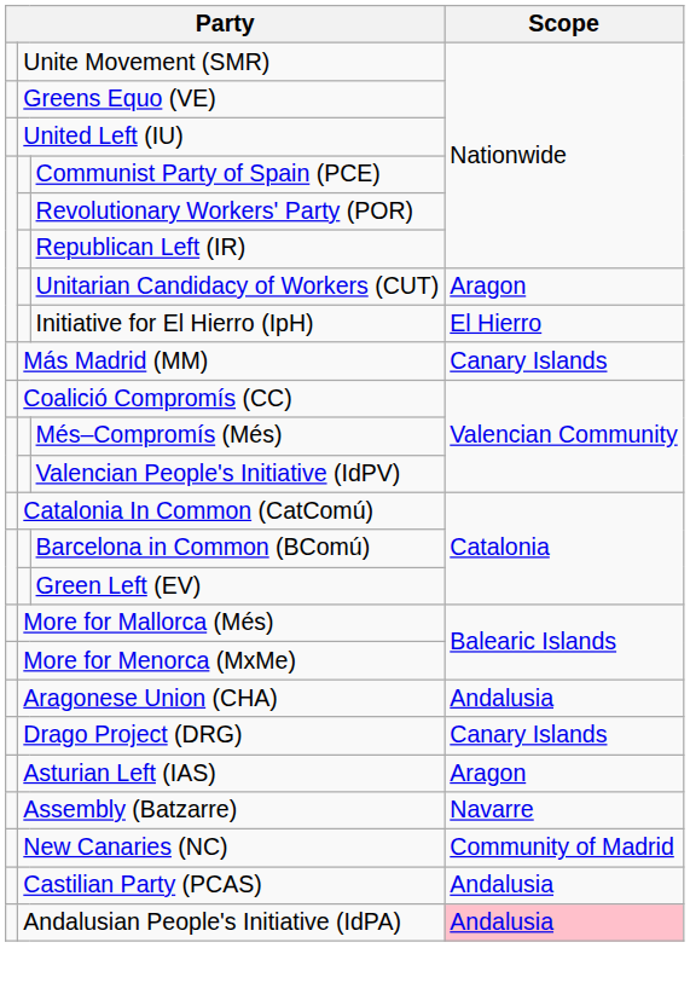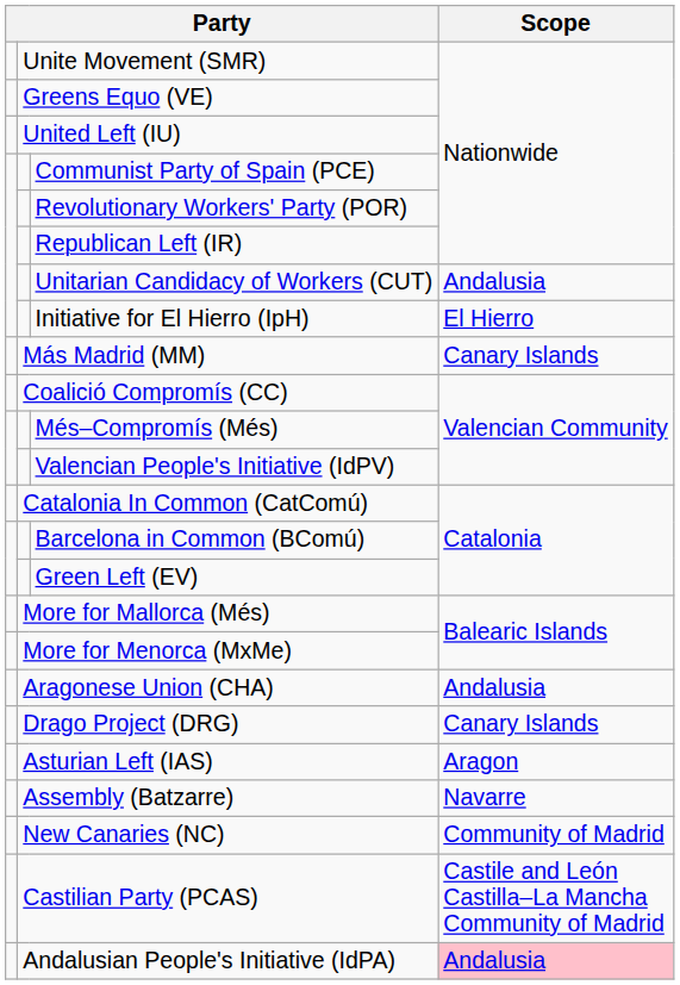 <table class="wikitable" style="text-align:left;">
 <tr>
 <th colspan="3">Party</th>
 <th>Scope</th>
 </tr>
 <tr>
 <td width="1"></td>
 <td colspan="2">Unite Movement (SMR)</td>
 <td rowspan="6">Nationwide</td>
 </tr>
 <tr>
 <td></td>
 <td colspan="2"><a href='#'>Greens Equo</a> (VE)</td>
 </tr>
 <tr>
 <td></td>
 <td colspan="2"><a href='#'>United Left</a> (IU)</td>
 </tr>
 <tr>
 <td rowspan="5"></td>
 <td width="1"></td>
 <td><a href='#'>Communist Party of Spain</a> (PCE)</td>
 </tr>
 <tr>
 <td></td>
 <td><a href='#'>Revolutionary Workers' Party</a> (POR)</td>
 </tr>
 <tr>
 <td></td>
 <td><a href='#'>Republican Left</a> (IR)</td>
 </tr>
 <tr>
 <td></td>
 <td><a href='#'>Unitarian Candidacy of Workers</a> (CUT)</td>
-<td><a href='#'>Aragon</a></td>
+<td><a href='#'>Andalusia</a></td>
 </tr>
 <tr>
 <td></td>
 <td>Initiative for El Hierro (IpH)</td>
 <td><a href='#'>El Hierro</a></td>
 </tr>
 <tr>
 <td></td>
 <td colspan="2"><a href='#'>Más Madrid</a> (MM)</td>
 <td><a href='#'>Canary Islands</a></td>
 </tr>
 <tr>
 <td></td>
 <td colspan="2"><a href='#'>Coalició Compromís</a> (CC)</td>
 <td rowspan="3"><a href='#'>Valencian Community</a></td>
 </tr>
 <tr>
 <td rowspan="2"></td>
 <td></td>
 <td><a href='#'>Més–Compromís</a> (Més)</td>
 </tr>
 <tr>
 <td></td>
 <td><a href='#'>Valencian People's Initiative</a> (IdPV)</td>
 </tr>
 <tr>
 <td></td>
 <td colspan="2"><a href='#'>Catalonia In Common</a> (CatComú)</td>
 <td rowspan="3"><a href='#'>Catalonia</a></td>
 </tr>
 <tr>
 <td rowspan="2"></td>
 <td></td>
 <td><a href='#'>Barcelona in Common</a> (BComú)</td>
 </tr>
 <tr>
 <td></td>
 <td><a href='#'>Green Left</a> (EV)</td>
 </tr>
 <tr>
 <td></td>
 <td colspan="2"><a href='#'>More for Mallorca</a> (Més)</td>
 <td rowspan="2"><a href='#'>Balearic Islands</a></td>
 </tr>
 <tr>
 <td></td>
 <td colspan="2"><a href='#'>More for Menorca</a> (MxMe)</td>
 </tr>
 <tr>
 <td></td>
 <td colspan="2"><a href='#'>Aragonese Union</a> (CHA)</td>
 <td><a href='#'>Andalusia</a></td>
 </tr>
 <tr>
 <td></td>
 <td colspan="2"><a href='#'>Drago Project</a> (DRG)</td>
 <td><a href='#'>Canary Islands</a></td>
 </tr>
 <tr>
 <td></td>
 <td colspan="2"><a href='#'>Asturian Left</a> (IAS)</td>
 <td><a href='#'>Aragon</a></td>
 </tr>
 <tr>
 <td></td>
 <td colspan="2"><a href='#'>Assembly</a> (Batzarre)</td>
 <td><a href='#'>Navarre</a></td>
 </tr>
 <tr>
 <td></td>
 <td colspan="2"><a href='#'>New Canaries</a> (NC)</td>
 <td><a href='#'>Community of Madrid</a></td>
 </tr>
 <tr>
 <td></td>
 <td colspan="2"><a href='#'>Castilian Party</a> (PCAS)</td>
-<td><a href='#'>Andalusia</a></td>
+<td><a href='#'>Castile and León</a><br><a href='#'>Castilla–La Mancha</a><br><a href='#'>Community of Madrid</a></td>
 </tr>
 <tr>
 <td></td>
 <td colspan="2">Andalusian People's Initiative (IdPA)</td>
 <td style="background: pink;"><a href='#'>Andalusia</a></td>
 </tr>
 </table>
